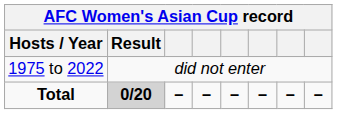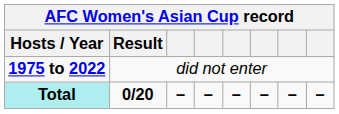 <table class="wikitable" style="text-align: center;">
 <tr>
 <th colspan=8><a href='#'>AFC Women's Asian Cup</a> record</th>
 </tr>
 <tr>
 <th>Hosts / Year</th>
 <th>Result</th>
 <th width=20></th>
 <th width=20></th>
 <th width=20></th>
 <th width=20></th>
 <th width=20></th>
 <th width=20></th>
 </tr>
 <tr>
-<td> <a href='#'>1975</a> to  <a href='#'>2022</a></td>
+<td><strong> <a href='#'>1975</a> to  <a href='#'>2022</a></strong></td>
 <td colspan=7><em>did not enter</em></td>
 </tr>
 <tr>
-<td><strong>Total</strong></td>
-<td style="background: lightgrey;"><strong>0/20</strong></td>
+<td style="background: paleturquoise;"><strong>Total</strong></td>
+<td><strong>0/20</strong></td>
 <td><strong>–</strong></td>
 <td><strong>–</strong></td>
 <td><strong>–</strong></td>
 <td><strong>–</strong></td>
 <td><strong>–</strong></td>
 <td><strong>–</strong></td>
 </tr>
 </table>
